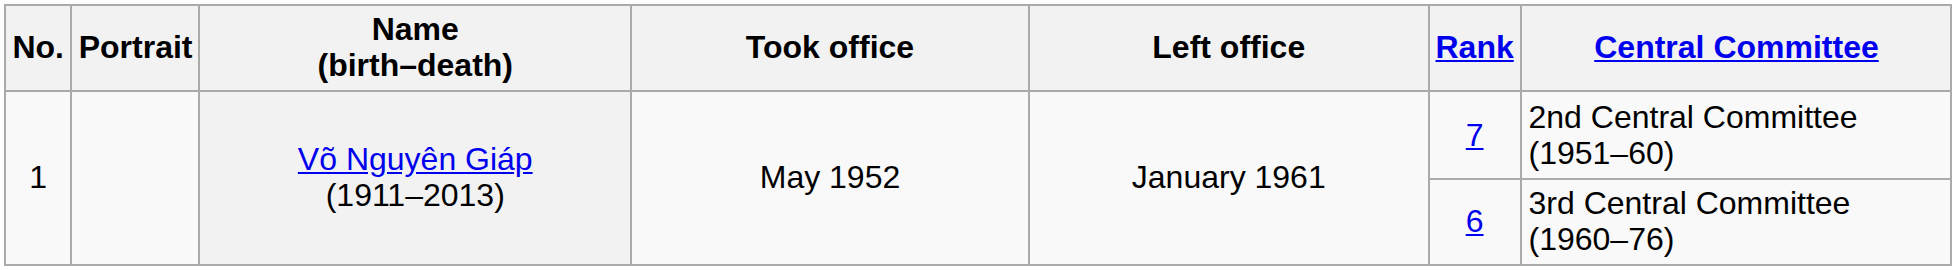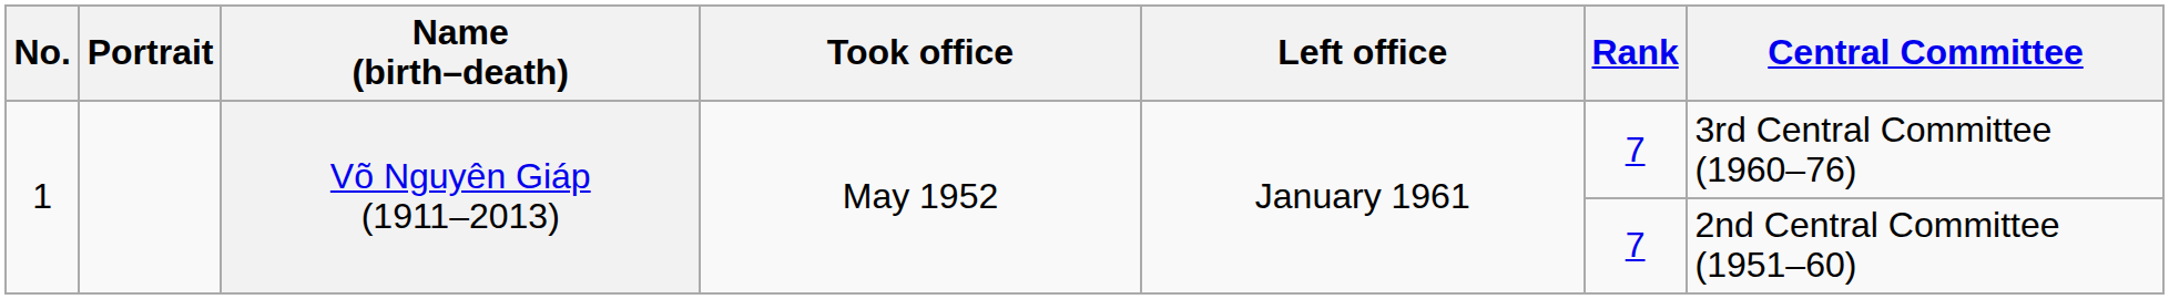 <table class="wikitable">
 <tr>
 <th scope="col" style="width:1em;">No.<br></th>
 <th scope="col" style="width:1em;">Portrait</th>
 <th scope="col" style="width:13em;">Name<br>(birth–death)</th>
 <th scope="col" style="width:12em;">Took office</th>
 <th scope="col" style="width:12em;">Left office</th>
 <th scope="col" style="width:1em;"><a href='#'>Rank</a><br></th>
 <th scope="col" style="width:13em;"><a href='#'>Central Committee</a></th>
 </tr>
 <tr>
 <td rowspan="2" align="center">1</td>
 <td rowspan="2" align="center"><br></td>
 <th rowspan="2" align="center" scope="row" style="font-weight:normal;"><a href='#'>Võ Nguyên Giáp</a><br>(1911–2013)</th>
 <td rowspan="2" align="center">May 1952</td>
 <td rowspan="2" align="center">January 1961</td>
 <td align="center"><a href='#'>7</a></td>
+<td>3rd Central Committee<br>(1960–76)</td>
+</tr>
+<tr>
+<td align="center"><a href='#'>7</a></td>
 <td>2nd Central Committee<br>(1951–60)</td>
 </tr>
-<tr>
-<td align="center"><a href='#'>6</a></td>
-<td>3rd Central Committee<br>(1960–76)</td>
-</tr>
 </table>
